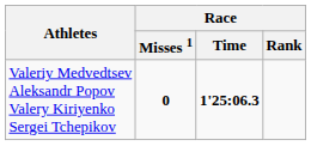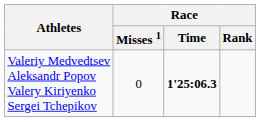 <table class="wikitable" border="1" style="font-size:90%">
 <tr>
 <th rowspan=2>Athletes</th>
 <th colspan=3>Race</th>
 </tr>
 <tr>
 <th>Misses <sup>1</sup></th>
 <th>Time</th>
 <th>Rank</th>
 </tr>
 <tr>
 <td> <a href='#'>Valeriy Medvedtsev</a><br> <a href='#'>Aleksandr Popov</a><br> <a href='#'>Valery Kiriyenko</a><br> <a href='#'>Sergei Tchepikov</a></td>
-<td align=center><strong>0</strong></td>
+<td align=center>0</td>
 <td align=center><strong>1'25:06.3</strong></td>
 <td align=center></td>
 </tr>
 </table>
